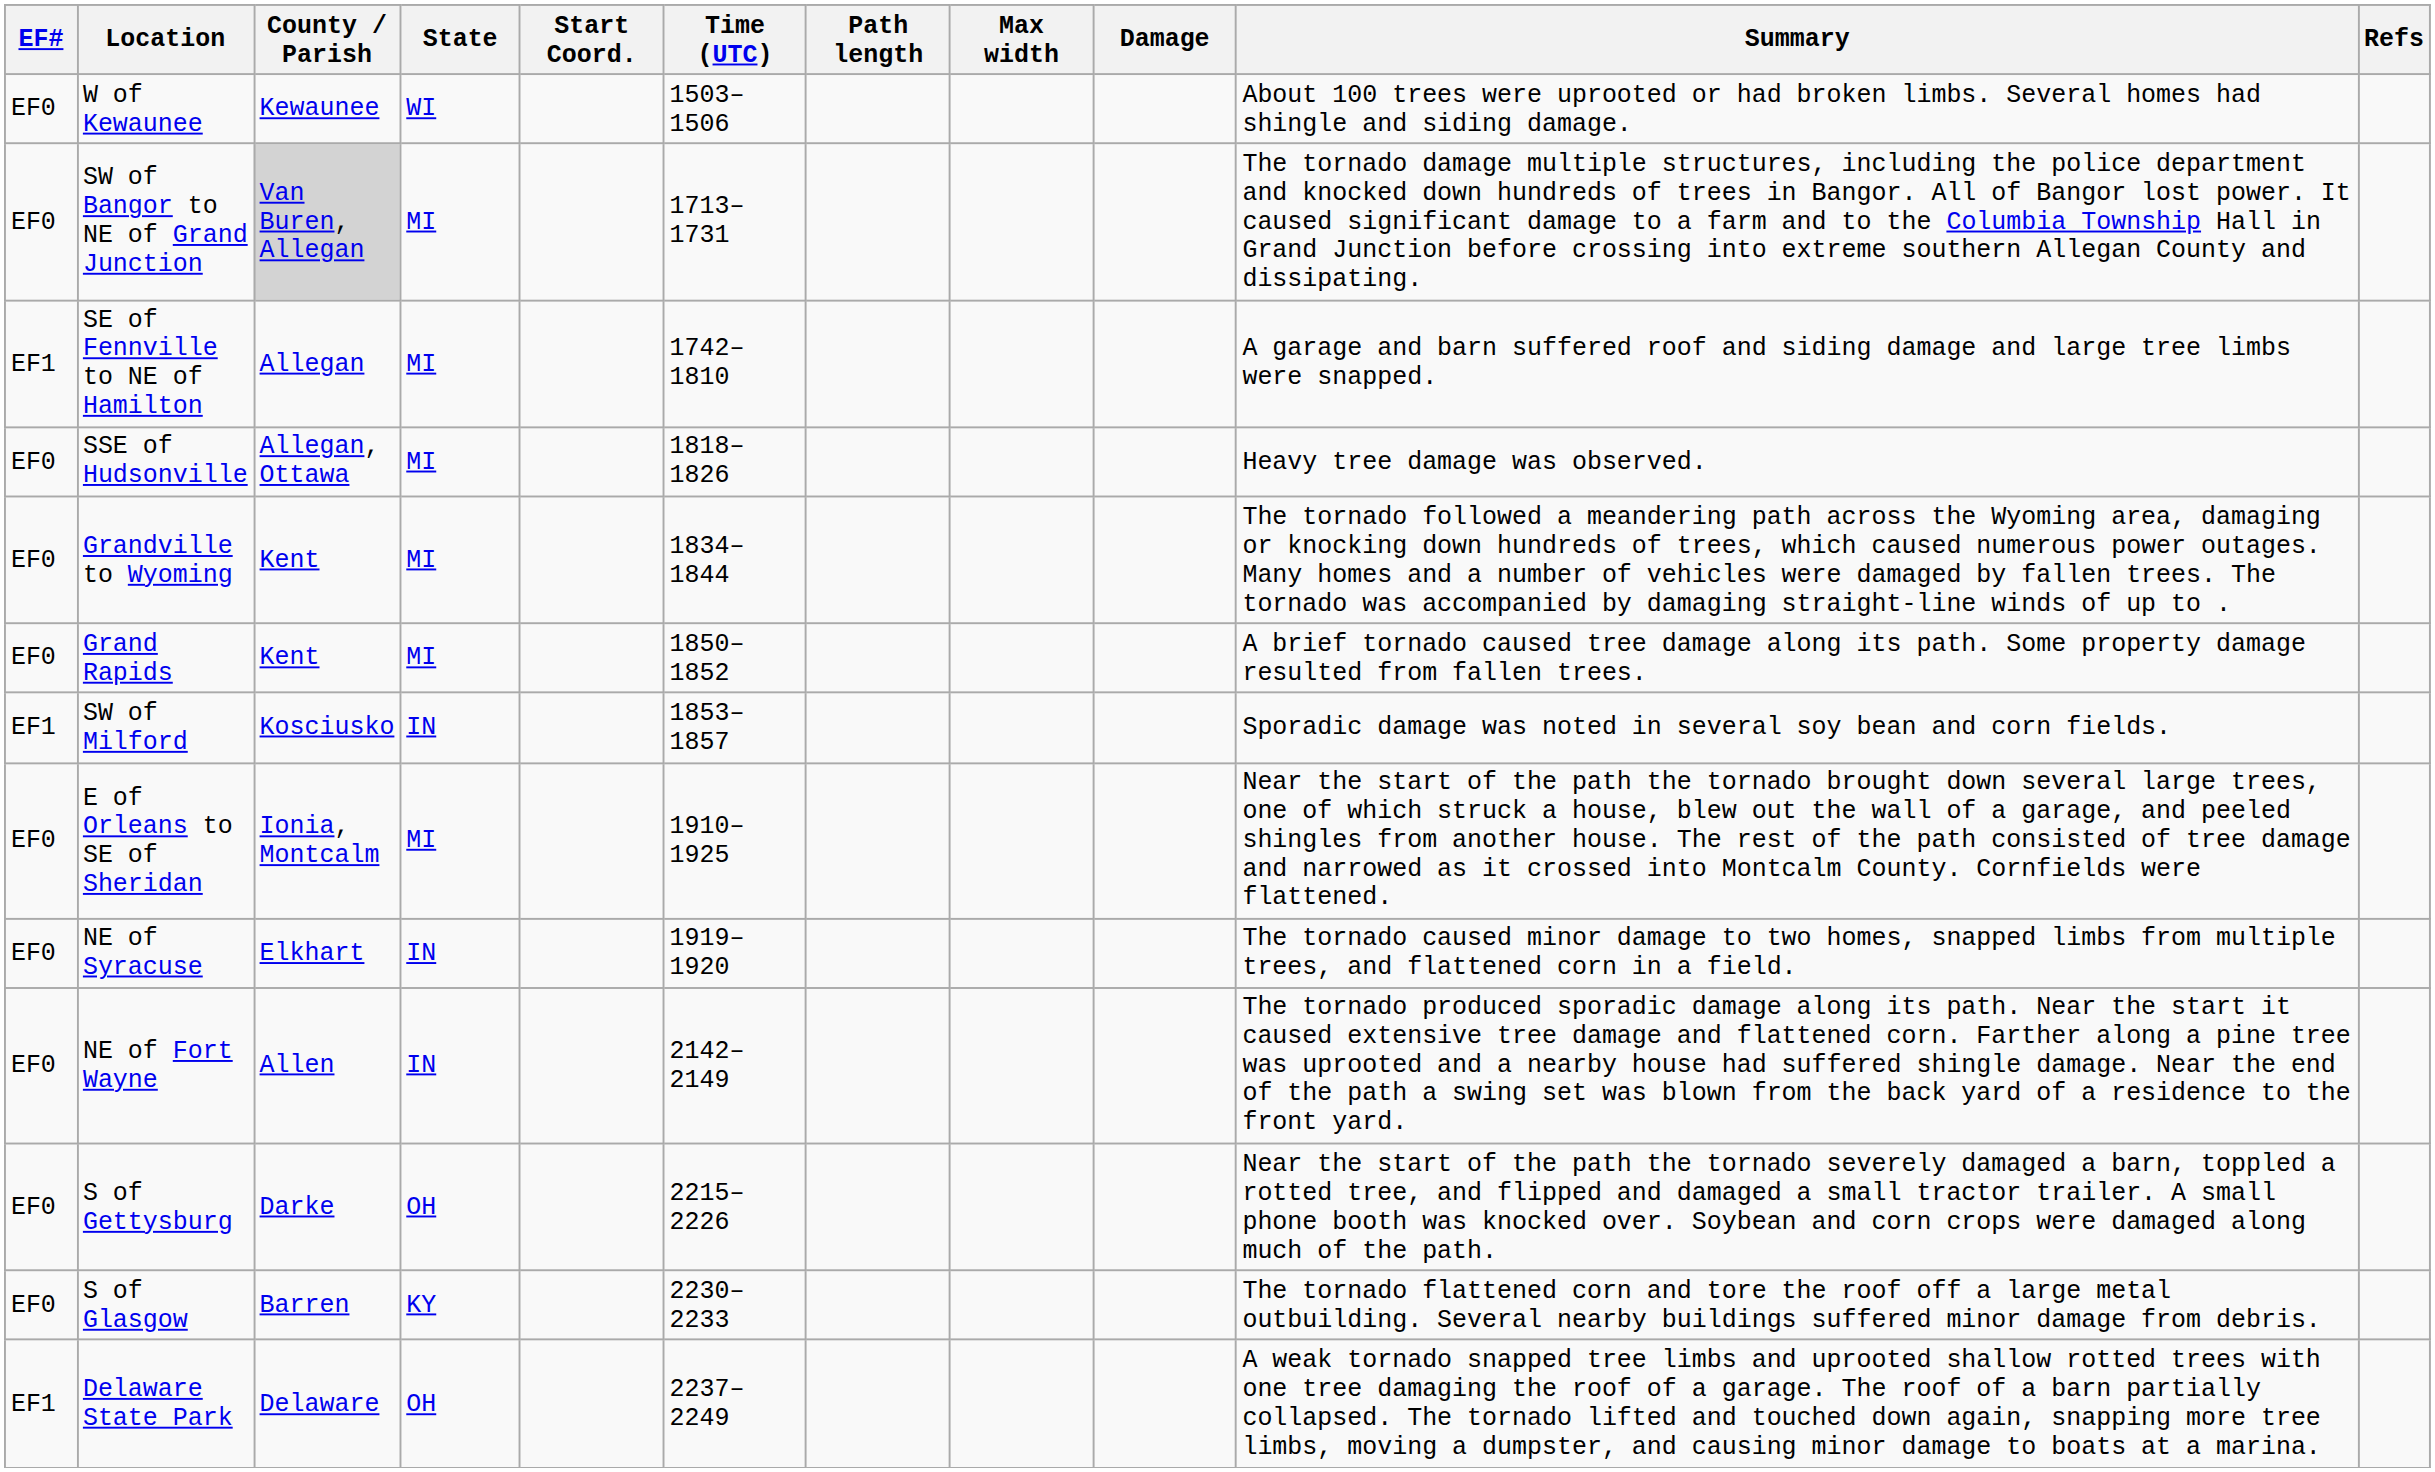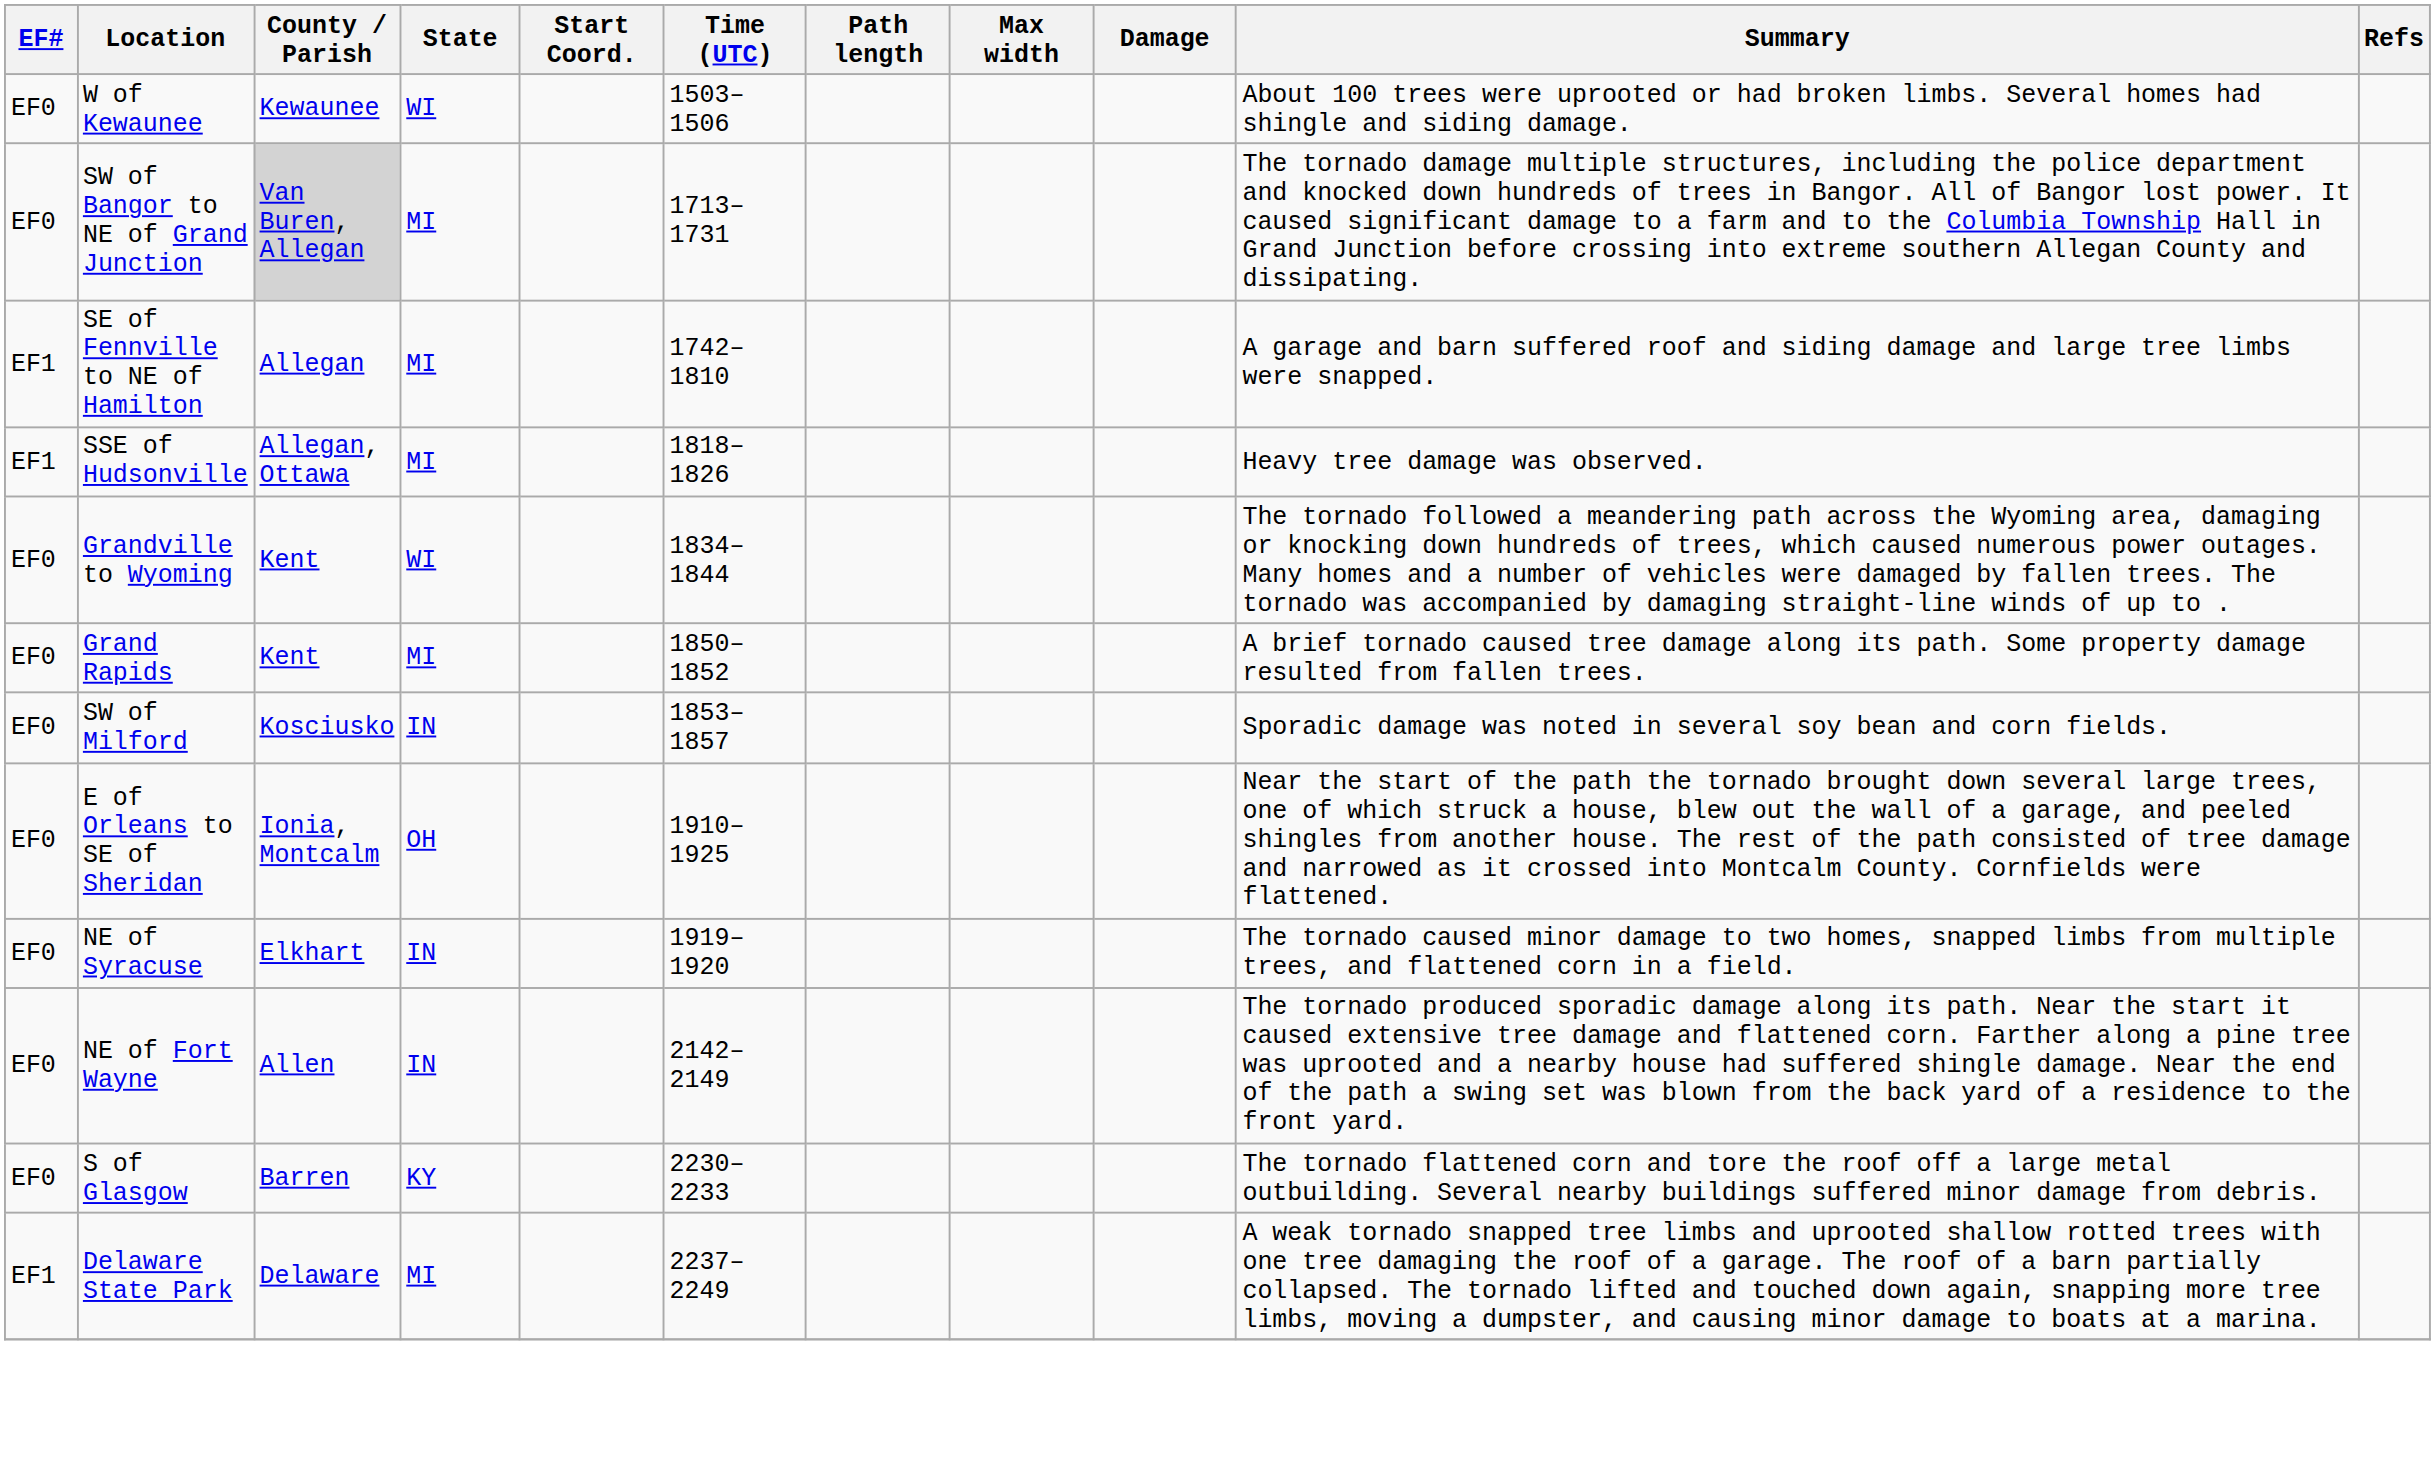 <table class="wikitable sortable" style="width:100%;">
 <tr>
 <th scope="col" width="3%" align="center"><a href='#'>EF#</a></th>
 <th scope="col" width="7%" align="center" class="unsortable">Location</th>
 <th scope="col" width="6%" align="center" class="unsortable">County / Parish</th>
 <th scope="col" width="5%" align="center">State</th>
 <th scope="col" width="6%" align="center">Start Coord.</th>
 <th scope="col" width="6%" align="center">Time (<a href='#'>UTC</a>)</th>
 <th scope="col" width="6%" align="center">Path length</th>
 <th scope="col" width="6%" align="center">Max width</th>
 <th scope="col" width="6%" align="center">Damage</th>
 <th scope="col" width="48%" class="unsortable" align="center">Summary</th>
 <th scope="col" width="48%" class="unsortable" align="center">Refs</th>
 </tr>
 <tr>
 <td>EF0</td>
 <td>W of <a href='#'>Kewaunee</a></td>
 <td><a href='#'>Kewaunee</a></td>
 <td><a href='#'>WI</a></td>
 <td></td>
 <td>1503–1506</td>
 <td></td>
 <td></td>
 <td></td>
 <td>About 100 trees were uprooted or had broken limbs. Several homes had shingle and siding damage.</td>
 <td></td>
 </tr>
 <tr>
 <td>EF0</td>
 <td>SW of <a href='#'>Bangor</a> to NE of <a href='#'>Grand Junction</a></td>
 <td style="background: lightgrey;"><a href='#'>Van Buren</a>, <a href='#'>Allegan</a></td>
 <td><a href='#'>MI</a></td>
 <td></td>
 <td>1713–1731</td>
 <td></td>
 <td></td>
 <td></td>
 <td>The tornado damage multiple structures, including the police department and knocked down hundreds of trees in Bangor. All of Bangor lost power. It caused significant damage to a farm and to the <a href='#'>Columbia Township</a> Hall in Grand Junction before crossing into extreme southern Allegan County and dissipating.</td>
 <td></td>
 </tr>
 <tr>
 <td>EF1</td>
 <td>SE of <a href='#'>Fennville</a> to NE of <a href='#'>Hamilton</a></td>
 <td><a href='#'>Allegan</a></td>
 <td><a href='#'>MI</a></td>
 <td></td>
 <td>1742–1810</td>
 <td></td>
 <td></td>
 <td></td>
 <td>A garage and barn suffered roof and siding damage and large tree limbs were snapped.</td>
 <td></td>
 </tr>
 <tr>
-<td>EF0</td>
+<td>EF1</td>
 <td>SSE of <a href='#'>Hudsonville</a></td>
 <td><a href='#'>Allegan</a>, <a href='#'>Ottawa</a></td>
 <td><a href='#'>MI</a></td>
 <td></td>
 <td>1818–1826</td>
 <td></td>
 <td></td>
 <td></td>
 <td>Heavy tree damage was observed.</td>
 <td></td>
 </tr>
 <tr>
 <td>EF0</td>
 <td><a href='#'>Grandville</a> to <a href='#'>Wyoming</a></td>
 <td><a href='#'>Kent</a></td>
-<td><a href='#'>MI</a></td>
+<td><a href='#'>WI</a></td>
 <td></td>
 <td>1834–1844</td>
 <td></td>
 <td></td>
 <td></td>
 <td>The tornado followed a meandering path across the Wyoming area, damaging or knocking down hundreds of trees, which caused numerous power outages. Many homes and a number of vehicles were damaged by fallen trees. The tornado was accompanied by damaging straight-line winds of up to .</td>
 <td></td>
 </tr>
 <tr>
 <td>EF0</td>
 <td><a href='#'>Grand Rapids</a></td>
 <td><a href='#'>Kent</a></td>
 <td><a href='#'>MI</a></td>
 <td></td>
 <td>1850–1852</td>
 <td></td>
 <td></td>
 <td></td>
 <td>A brief tornado caused tree damage along its path. Some property damage resulted from fallen trees.</td>
 <td></td>
 </tr>
 <tr>
-<td>EF1</td>
+<td>EF0</td>
 <td>SW of <a href='#'>Milford</a></td>
 <td><a href='#'>Kosciusko</a></td>
 <td><a href='#'>IN</a></td>
 <td></td>
 <td>1853–1857</td>
 <td></td>
 <td></td>
 <td></td>
 <td>Sporadic damage was noted in several soy bean and corn fields.</td>
 <td></td>
 </tr>
 <tr>
 <td>EF0</td>
 <td>E of <a href='#'>Orleans</a> to SE of <a href='#'>Sheridan</a></td>
 <td><a href='#'>Ionia</a>, <a href='#'>Montcalm</a></td>
-<td><a href='#'>MI</a></td>
+<td><a href='#'>OH</a></td>
 <td></td>
 <td>1910–1925</td>
 <td></td>
 <td></td>
 <td></td>
 <td>Near the start of the path the tornado brought down several large trees, one of which struck a house, blew out the wall of a garage, and peeled shingles from another house. The rest of the path consisted of tree damage and narrowed as it crossed into Montcalm County. Cornfields were flattened.</td>
 <td></td>
 </tr>
 <tr>
 <td>EF0</td>
 <td>NE of <a href='#'>Syracuse</a></td>
 <td><a href='#'>Elkhart</a></td>
 <td><a href='#'>IN</a></td>
 <td></td>
 <td>1919–1920</td>
 <td></td>
 <td></td>
 <td></td>
 <td>The tornado caused minor damage to two homes, snapped limbs from multiple trees, and flattened corn in a field.</td>
 <td></td>
 </tr>
 <tr>
 <td>EF0</td>
 <td>NE of <a href='#'>Fort Wayne</a></td>
 <td><a href='#'>Allen</a></td>
 <td><a href='#'>IN</a></td>
 <td></td>
 <td>2142–2149</td>
 <td></td>
 <td></td>
 <td></td>
 <td>The tornado produced sporadic damage along its path. Near the start it caused extensive tree damage and flattened corn. Farther along a pine tree was uprooted and a nearby house had suffered shingle damage. Near the end of the path a swing set was blown from the back yard of a residence to the front yard.</td>
 <td></td>
 </tr>
 <tr>
 <td>EF0</td>
-<td>S of <a href='#'>Gettysburg</a></td>
-<td><a href='#'>Darke</a></td>
-<td><a href='#'>OH</a></td>
-<td></td>
-<td>2215–2226</td>
-<td></td>
-<td></td>
-<td></td>
-<td>Near the start of the path the tornado severely damaged a barn, toppled a rotted tree, and flipped and damaged a small tractor trailer. A small phone booth was knocked over. Soybean and corn crops were damaged along much of the path.</td>
-<td></td>
-</tr>
-<tr>
-<td>EF0</td>
 <td>S of <a href='#'>Glasgow</a></td>
 <td><a href='#'>Barren</a></td>
 <td><a href='#'>KY</a></td>
 <td></td>
 <td>2230–2233</td>
 <td></td>
 <td></td>
 <td></td>
 <td>The tornado flattened corn and tore the roof off a large metal outbuilding. Several nearby buildings suffered minor damage from debris.</td>
 <td></td>
 </tr>
 <tr>
 <td>EF1</td>
 <td><a href='#'>Delaware State Park</a></td>
 <td><a href='#'>Delaware</a></td>
-<td><a href='#'>OH</a></td>
+<td><a href='#'>MI</a></td>
 <td></td>
 <td>2237–2249</td>
 <td></td>
 <td></td>
 <td></td>
 <td>A weak tornado snapped tree limbs and uprooted shallow rotted trees with one tree damaging the roof of a garage. The roof of a barn partially collapsed. The tornado lifted and touched down again, snapping more tree limbs, moving a dumpster, and causing minor damage to boats at a marina.</td>
 <td></td>
 </tr>
 <tr>
 </tr>
 </table>
